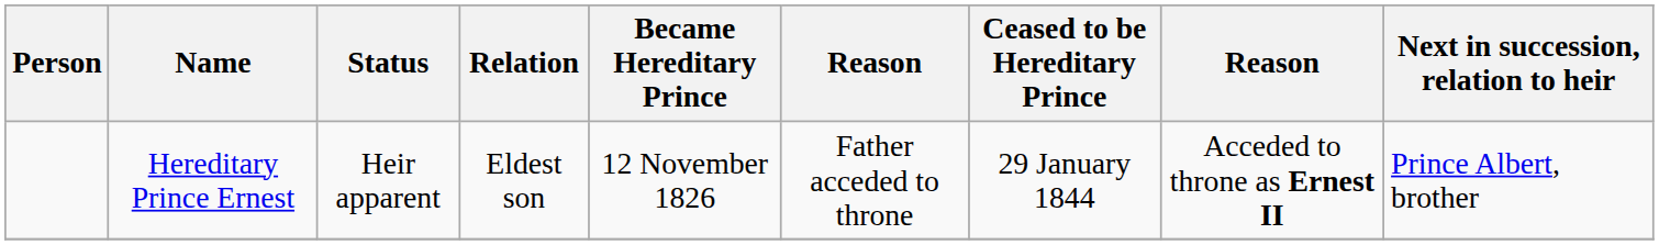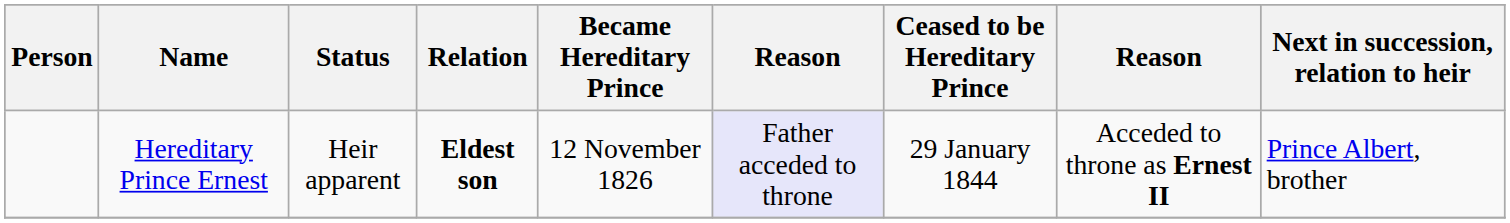 <table class="wikitable" style="text-align:center">
 <tr>
 <th>Person</th>
 <th>Name</th>
 <th>Status</th>
 <th>Relation</th>
 <th>Became<br>Hereditary Prince</th>
 <th>Reason</th>
 <th>Ceased to be<br>Hereditary Prince</th>
 <th>Reason</th>
 <th>Next in succession, relation to heir</th>
 </tr>
 <tr>
 <td></td>
 <td><a href='#'>Hereditary Prince Ernest</a></td>
 <td>Heir apparent</td>
-<td>Eldest son</td>
+<td><strong>Eldest son</strong></td>
 <td>12 November 1826</td>
-<td>Father acceded to throne</td>
+<td style="background: lavender;">Father acceded to throne</td>
 <td>29 January 1844</td>
 <td>Acceded to throne as <strong>Ernest II</strong></td>
 <td align=left><a href='#'>Prince Albert</a>, brother</td>
 </tr>
 <tr>
 </tr>
 </table>
